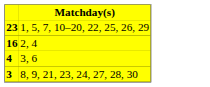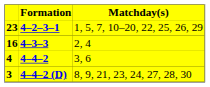 <table class="toccolours" border="0" cellpadding="2" cellspacing="0" align="center" style="margin: 0.5em 0 1em 1em; background: #000000; border: 1px #aaaaaa solid;">
 <tr bgcolor=#FFFF00>
 <th></th>
+<th>Formation</th>
 <th>Matchday(s)</th>
 </tr>
 <tr bgcolor=#FFFF00>
 <td><strong>23</strong></td>
+<td><a href='#'><span><strong>4–2–3–1</strong></span></a></td>
 <td>1, 5, 7, 10–20, 22, 25, 26, 29</td>
 </tr>
 <tr bgcolor=#FFFF00>
 <td><strong>16</strong></td>
+<td><a href='#'><span><strong>4–3–3</strong></span></a></td>
 <td>2, 4</td>
 </tr>
 <tr bgcolor=#FFFF00>
 <td><strong>4</strong></td>
+<td><a href='#'><span><strong>4–4–2</strong></span></a></td>
 <td>3, 6</td>
 </tr>
 <tr bgcolor=#FFFF00>
 <td><strong>3</strong></td>
+<td><a href='#'><span><strong>4–4–2 (D)</strong></span></a></td>
 <td>8, 9, 21, 23, 24, 27, 28, 30</td>
 </tr>
 </table>
